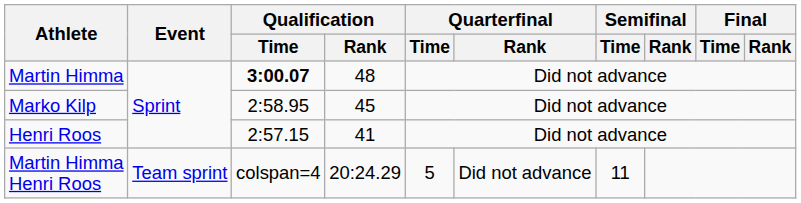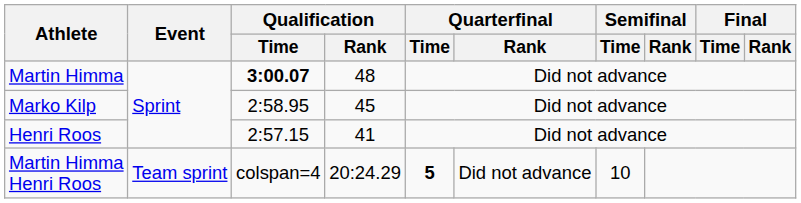 <table class=wikitable style=font-size:90%;text-align:center>
 <tr>
 <th rowspan=2>Athlete</th>
 <th rowspan=2>Event</th>
 <th colspan=2>Qualification</th>
 <th colspan=2>Quarterfinal</th>
 <th colspan=2>Semifinal</th>
 <th colspan=2>Final</th>
 </tr>
 <tr style=font-size:95%>
 <th>Time</th>
 <th>Rank</th>
 <th>Time</th>
 <th>Rank</th>
 <th>Time</th>
 <th>Rank</th>
 <th>Time</th>
 <th>Rank</th>
 </tr>
 <tr>
 <td align=left><a href='#'>Martin Himma</a></td>
 <td align=left rowspan=3><a href='#'>Sprint</a></td>
 <td><strong>3:00.07</strong></td>
 <td>48</td>
 <td colspan=6>Did not advance</td>
 </tr>
 <tr>
 <td align=left><a href='#'>Marko Kilp</a></td>
 <td>2:58.95</td>
 <td>45</td>
 <td colspan=6>Did not advance</td>
 </tr>
 <tr>
 <td align=left><a href='#'>Henri Roos</a></td>
 <td>2:57.15</td>
 <td>41</td>
 <td colspan=6>Did not advance</td>
 </tr>
 <tr align=center>
 <td align=left><a href='#'>Martin Himma</a><br><a href='#'>Henri Roos</a></td>
 <td align=left><a href='#'>Team sprint</a></td>
 <td>colspan=4 </td>
 <td>20:24.29</td>
-<td>5</td>
+<td><strong>5</strong></td>
 <td>Did not advance</td>
-<td>11</td>
+<td>10</td>
 </tr>
 </table>
